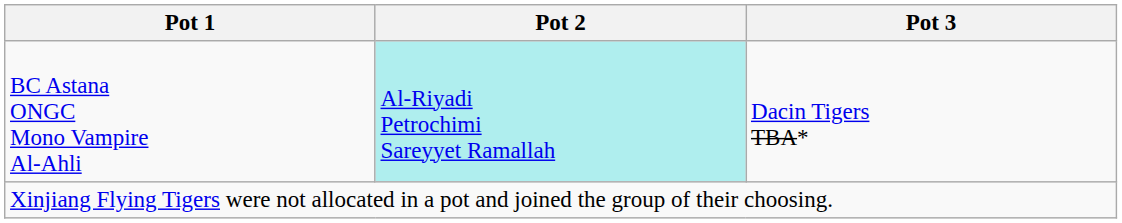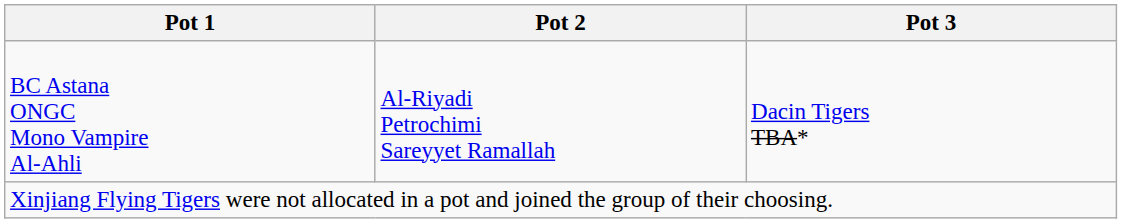 <table class=wikitable>
 <tr>
 <th width=25%>Pot 1</th>
 <th width=25%>Pot 2</th>
 <th width=25%>Pot 3</th>
 </tr>
 <tr>
 <td><br> <a href='#'>BC Astana</a><br>  <a href='#'>ONGC</a><br>  <a href='#'>Mono Vampire</a><br>  <a href='#'>Al-Ahli</a></td>
-<td style="background: paleturquoise;"><br> <a href='#'>Al-Riyadi</a><br>  <a href='#'>Petrochimi</a><br>  <a href='#'>Sareyyet Ramallah</a></td>
+<td><br> <a href='#'>Al-Riyadi</a><br>  <a href='#'>Petrochimi</a><br>  <a href='#'>Sareyyet Ramallah</a></td>
 <td><br> <a href='#'>Dacin Tigers</a><br> <s> TBA</s>*<br></td>
 </tr>
 <tr>
 <td colspan=3> <a href='#'>Xinjiang Flying Tigers</a> were not allocated in a pot and joined the group of their choosing.</td>
 </tr>
 </table>
